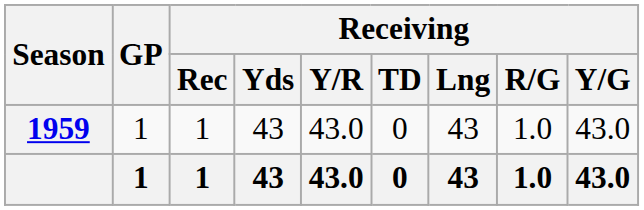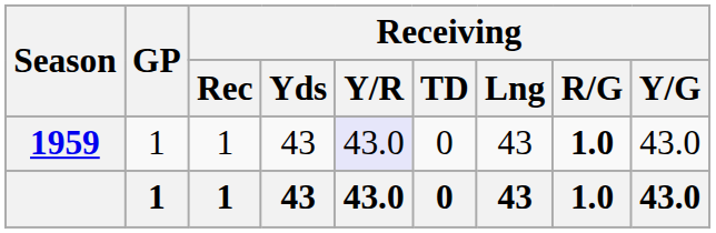 <table class="wikitable" style="text-align:center;">
 <tr>
 <th rowspan="2">Season</th>
 <th rowspan="2">GP</th>
 <th colspan="7">Receiving</th>
 </tr>
 <tr>
 <th>Rec</th>
 <th>Yds</th>
 <th>Y/R</th>
 <th>TD</th>
 <th>Lng</th>
 <th>R/G</th>
 <th>Y/G</th>
 </tr>
 <tr>
 <th><a href='#'>1959</a></th>
 <td>1</td>
 <td>1</td>
 <td>43</td>
-<td>43.0</td>
+<td style="background: lavender;">43.0</td>
 <td>0</td>
 <td>43</td>
-<td>1.0</td>
+<td><strong>1.0</strong></td>
 <td>43.0</td>
 </tr>
 <tr>
 <th></th>
 <th>1</th>
 <th>1</th>
 <th>43</th>
 <th>43.0</th>
 <th>0</th>
 <th>43</th>
 <th>1.0</th>
 <th>43.0</th>
 </tr>
 </table>
